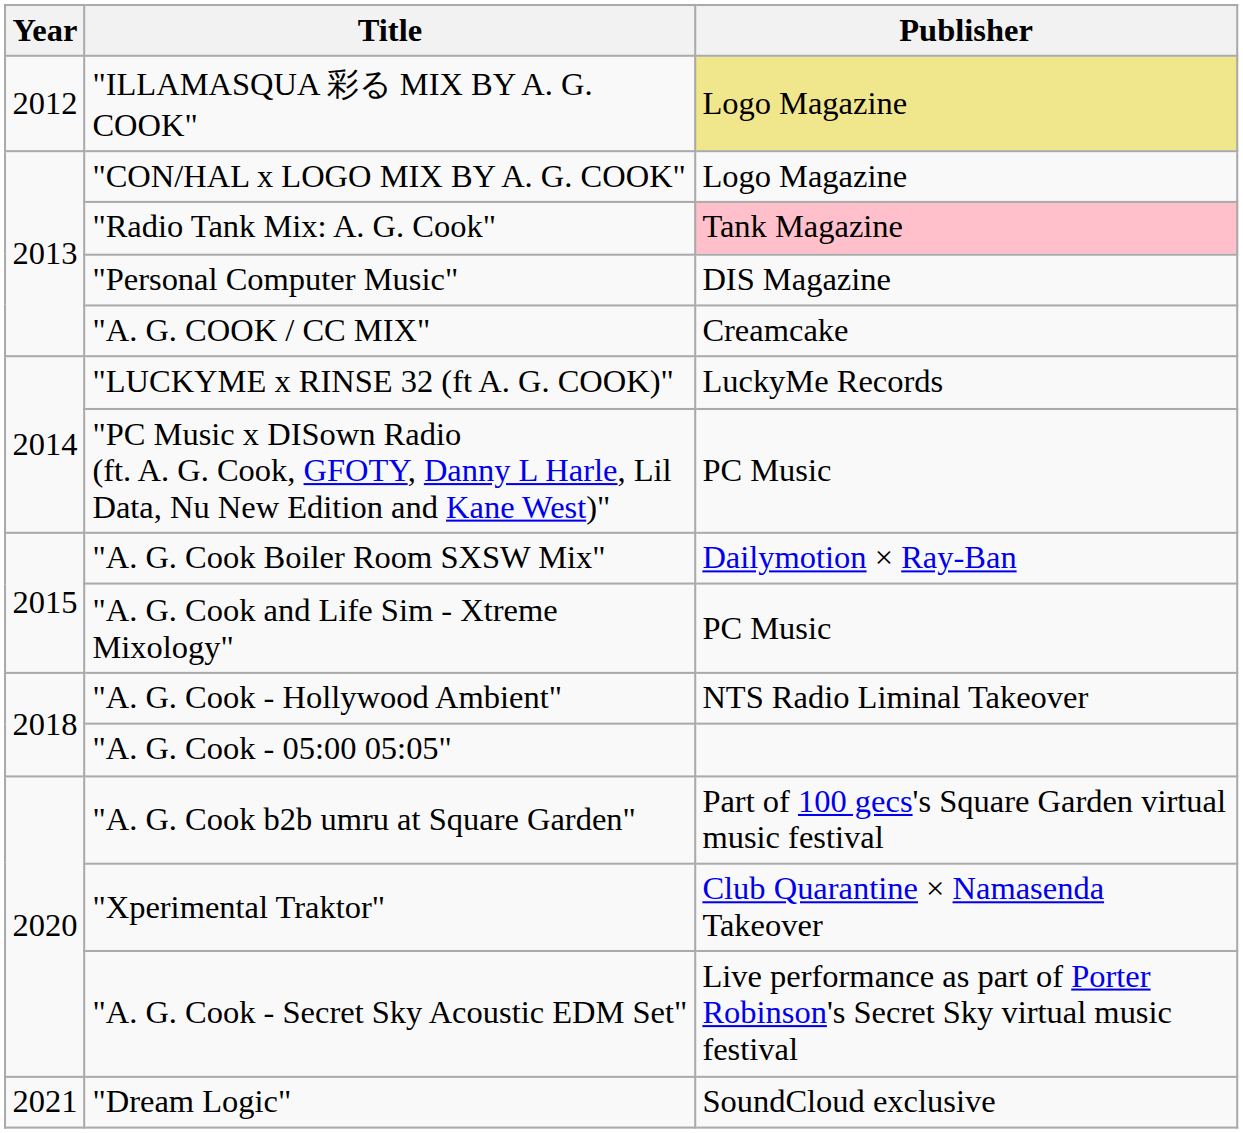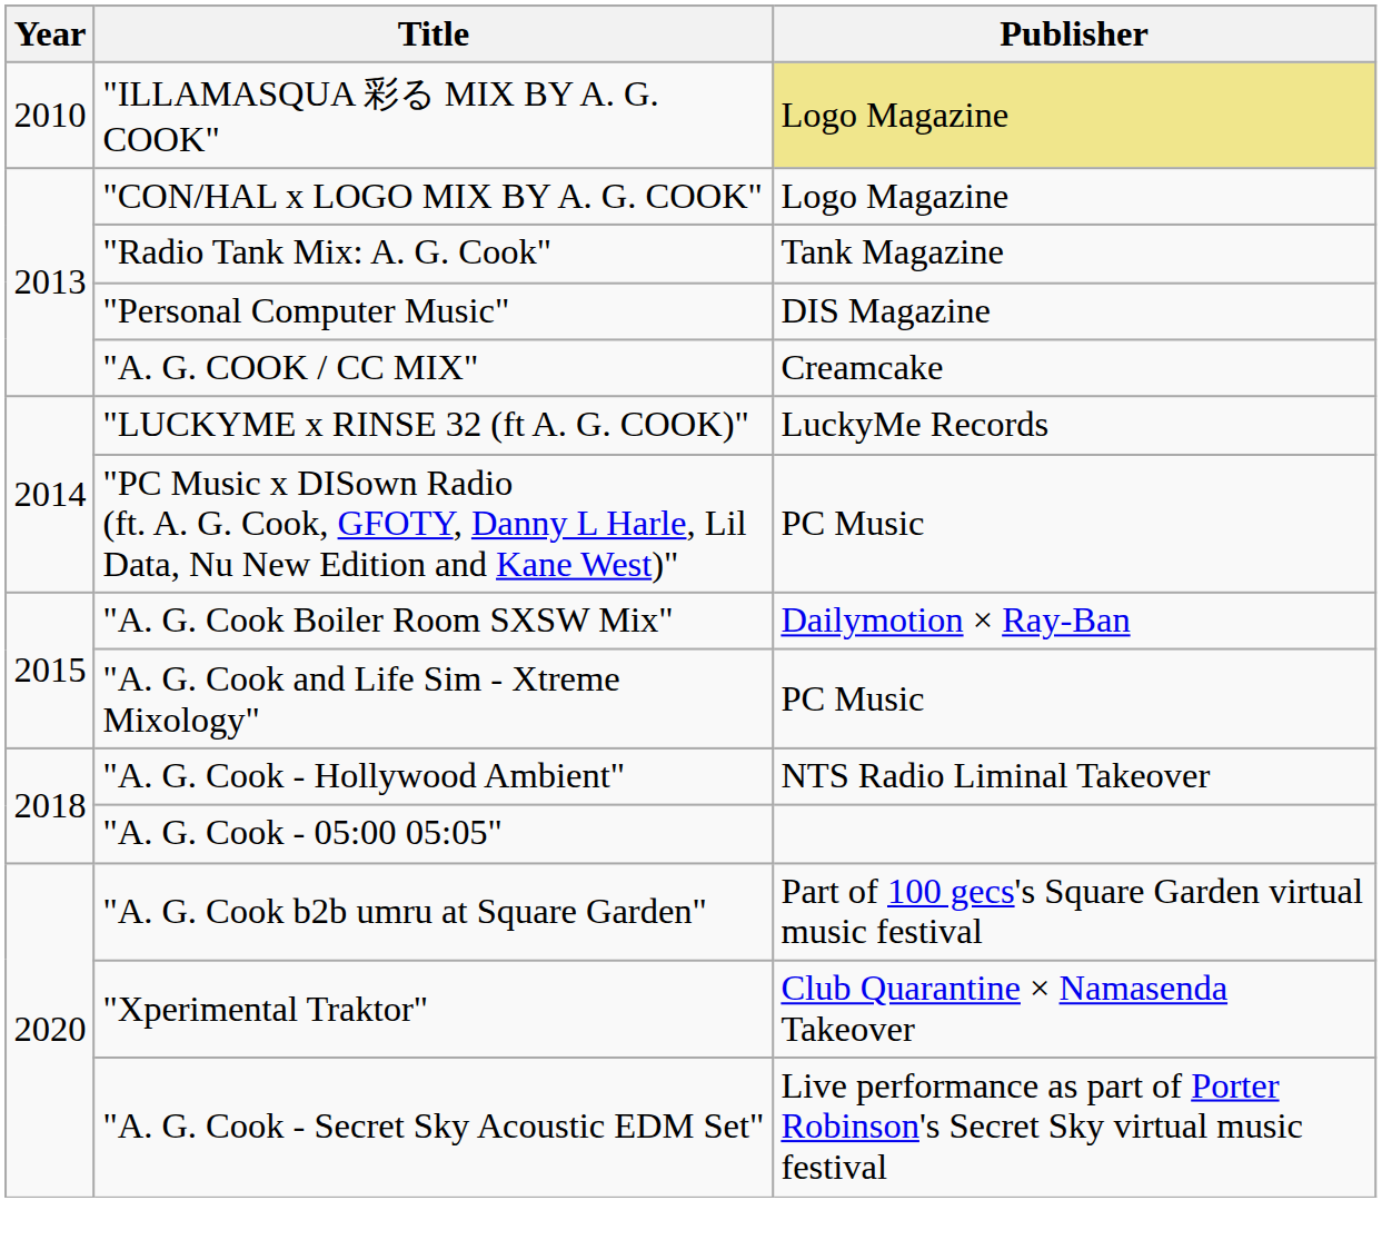 <table class="wikitable">
 <tr>
 <th>Year</th>
 <th>Title</th>
 <th>Publisher</th>
 </tr>
 <tr>
-<td>2012</td>
+<td>2010</td>
 <td>"ILLAMASQUA 彩る MIX BY A. G. COOK"</td>
 <td style="background: khaki;">Logo Magazine</td>
 </tr>
 <tr>
 <td rowspan="4">2013</td>
 <td>"CON/HAL x LOGO MIX BY A. G. COOK"</td>
 <td>Logo Magazine</td>
 </tr>
 <tr>
 <td>"Radio Tank Mix: A. G. Cook"</td>
-<td style="background: pink;">Tank Magazine</td>
+<td>Tank Magazine</td>
 </tr>
 <tr>
 <td>"Personal Computer Music"</td>
 <td>DIS Magazine</td>
 </tr>
 <tr>
 <td>"A. G. COOK / CC MIX"</td>
 <td>Creamcake</td>
 </tr>
 <tr>
 <td rowspan="2">2014</td>
 <td>"LUCKYME x RINSE 32 (ft A. G. COOK)"</td>
 <td>LuckyMe Records</td>
 </tr>
 <tr>
 <td>"PC Music x DISown Radio<br>(ft. A. G. Cook, <a href='#'>GFOTY</a>, <a href='#'>Danny L Harle</a>, Lil Data, Nu New Edition and <a href='#'>Kane West</a>)"</td>
 <td>PC Music</td>
 </tr>
 <tr>
 <td rowspan="2">2015</td>
 <td>"A. G. Cook Boiler Room SXSW Mix"</td>
 <td><a href='#'>Dailymotion</a> × <a href='#'>Ray-Ban</a></td>
 </tr>
 <tr>
 <td>"A. G. Cook and Life Sim - Xtreme Mixology"</td>
 <td>PC Music</td>
 </tr>
 <tr>
 <td rowspan="2">2018</td>
 <td>"A. G. Cook - Hollywood Ambient"</td>
 <td>NTS Radio Liminal Takeover</td>
 </tr>
 <tr>
 <td>"A. G. Cook - 05:00 05:05"</td>
 <td></td>
 </tr>
 <tr>
 <td rowspan="3">2020</td>
 <td>"A. G. Cook b2b umru at Square Garden"</td>
 <td>Part of <a href='#'>100 gecs</a>'s Square Garden virtual music festival</td>
 </tr>
 <tr>
 <td>"Xperimental Traktor"</td>
 <td><a href='#'>Club Quarantine</a> × <a href='#'>Namasenda</a> Takeover</td>
 </tr>
 <tr>
 <td>"A. G. Cook - Secret Sky Acoustic EDM Set"</td>
 <td>Live performance as part of <a href='#'>Porter Robinson</a>'s Secret Sky virtual music festival</td>
 </tr>
-<tr>
-<td>2021</td>
-<td>"Dream Logic"</td>
-<td>SoundCloud exclusive</td>
-</tr>
 </table>
